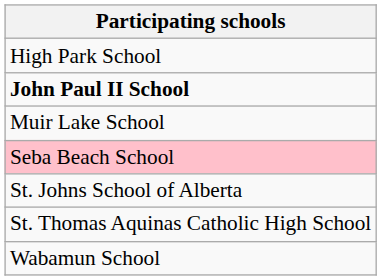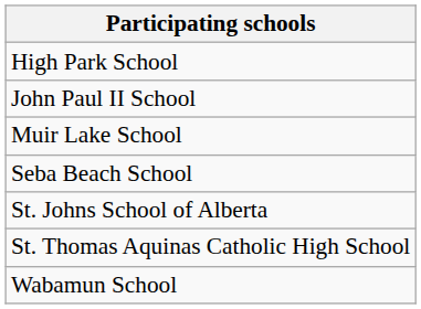 <table class="wikitable" align=right>
 <tr>
 <th>Participating schools</th>
 </tr>
 <tr>
 <td>High Park School</td>
 </tr>
 <tr>
-<td><strong>John Paul II School</strong></td>
+<td>John Paul II School</td>
 </tr>
 <tr>
 <td>Muir Lake School</td>
 </tr>
 <tr>
-<td style="background: pink;">Seba Beach School</td>
+<td>Seba Beach School</td>
 </tr>
 <tr>
 <td>St. Johns School of Alberta</td>
 </tr>
 <tr>
 <td>St. Thomas Aquinas Catholic High School</td>
 </tr>
 <tr>
 <td>Wabamun School</td>
 </tr>
 </table>
